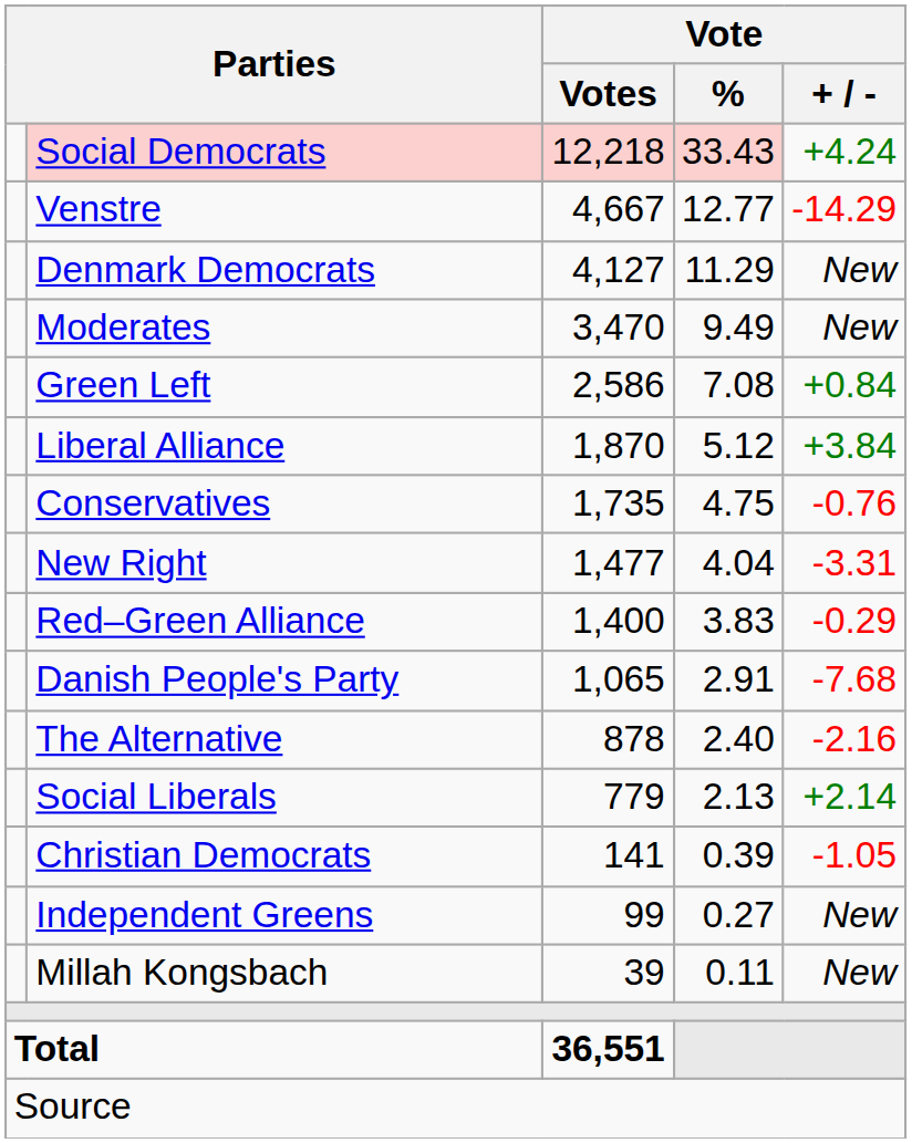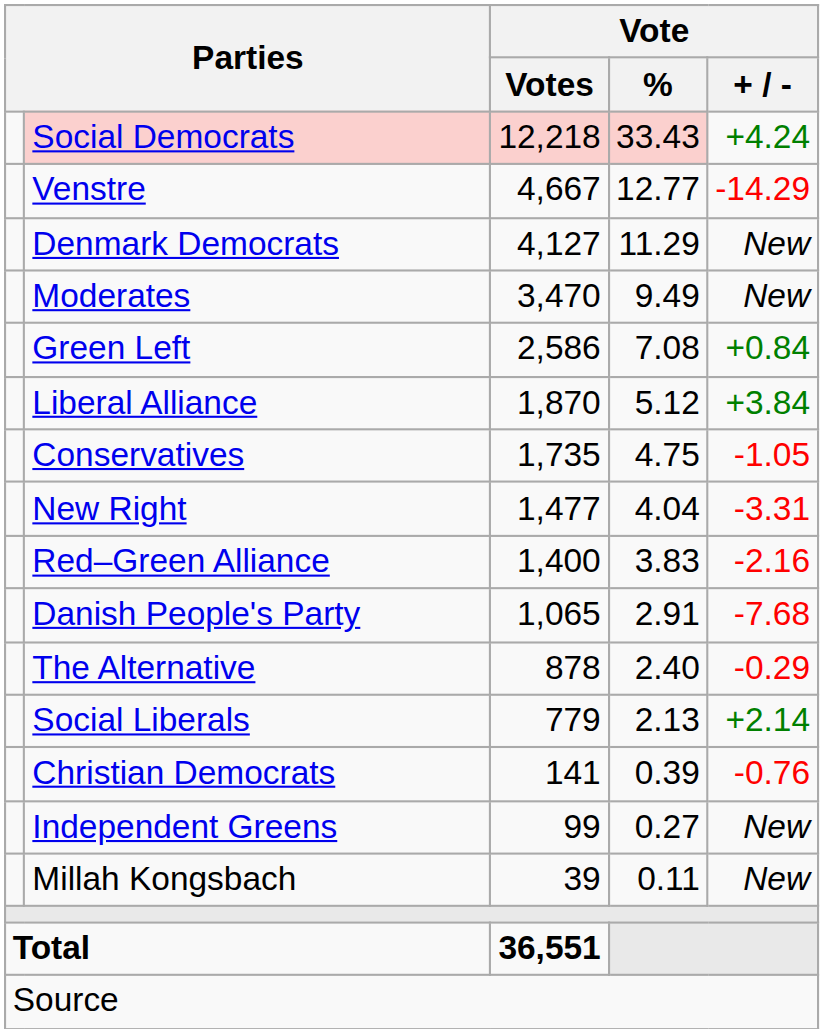 <table class="wikitable" style="text-align:right;">
 <tr>
 <th style="text-align:centre;" rowspan="2" colspan="2" width="225">Parties</th>
 <th colspan="3">Vote</th>
 </tr>
 <tr>
 <th width="15">Votes</th>
 <th width="15">%</th>
 <th width="15">+ / -</th>
 </tr>
 <tr>
 <td width="2" style="color:inherit;background:"></td>
 <td bgcolor=#fbd0ce  align="left"><a href='#'>Social Democrats</a></td>
 <td bgcolor=#fbd0ce>12,218</td>
 <td bgcolor=#fbd0ce>33.43</td>
 <td style=color:green;>+4.24</td>
 </tr>
 <tr>
 <td width="2" style="color:inherit;background:"></td>
 <td align="left"><a href='#'>Venstre</a></td>
 <td>4,667</td>
 <td>12.77</td>
 <td style=color:red;>-14.29</td>
 </tr>
 <tr>
 <td width="2" style="color:inherit;background:"></td>
 <td align="left"><a href='#'>Denmark Democrats</a></td>
 <td>4,127</td>
 <td>11.29</td>
 <td><em>New</em></td>
 </tr>
 <tr>
 <td width="2" style="color:inherit;background:"></td>
 <td align="left"><a href='#'>Moderates</a></td>
 <td>3,470</td>
 <td>9.49</td>
 <td><em>New</em></td>
 </tr>
 <tr>
 <td width="2" style="color:inherit;background:"></td>
 <td align="left"><a href='#'>Green Left</a></td>
 <td>2,586</td>
 <td>7.08</td>
 <td style=color:green;>+0.84</td>
 </tr>
 <tr>
 <td width="2" style="color:inherit;background:"></td>
 <td align="left"><a href='#'>Liberal Alliance</a></td>
 <td>1,870</td>
 <td>5.12</td>
 <td style=color:green;>+3.84</td>
 </tr>
 <tr>
 <td width="2" style="color:inherit;background:"></td>
 <td align="left"><a href='#'>Conservatives</a></td>
 <td>1,735</td>
 <td>4.75</td>
-<td style=color:red;>-0.76</td>
+<td style=color:red;>-1.05</td>
 </tr>
 <tr>
 <td width="2" style="color:inherit;background:"></td>
 <td align="left"><a href='#'>New Right</a></td>
 <td>1,477</td>
 <td>4.04</td>
 <td style=color:red;>-3.31</td>
 </tr>
 <tr>
 <td width="2" style="color:inherit;background:"></td>
 <td align="left"><a href='#'>Red–Green Alliance</a></td>
 <td>1,400</td>
 <td>3.83</td>
-<td style=color:red;>-0.29</td>
+<td style=color:red;>-2.16</td>
 </tr>
 <tr>
 <td width="2" style="color:inherit;background:"></td>
 <td align="left"><a href='#'>Danish People's Party</a></td>
 <td>1,065</td>
 <td>2.91</td>
 <td style=color:red;>-7.68</td>
 </tr>
 <tr>
 <td width="2" style="color:inherit;background:"></td>
 <td align="left"><a href='#'>The Alternative</a></td>
 <td>878</td>
 <td>2.40</td>
-<td style=color:red;>-2.16</td>
+<td style=color:red;>-0.29</td>
 </tr>
 <tr>
 <td width="2" style="color:inherit;background:"></td>
 <td align="left"><a href='#'>Social Liberals</a></td>
 <td>779</td>
 <td>2.13</td>
 <td style=color:green;>+2.14</td>
 </tr>
 <tr>
 <td width="2" style="color:inherit;background:"></td>
 <td align="left"><a href='#'>Christian Democrats</a></td>
 <td>141</td>
 <td>0.39</td>
-<td style=color:red;>-1.05</td>
+<td style=color:red;>-0.76</td>
 </tr>
 <tr>
 <td width="2" style="color:inherit;background:"></td>
 <td align="left"><a href='#'>Independent Greens</a></td>
 <td>99</td>
 <td>0.27</td>
 <td><em>New</em></td>
 </tr>
 <tr>
 <td width="2" style="color:inherit;background:"></td>
 <td align="left">Millah Kongsbach</td>
 <td>39</td>
 <td>0.11</td>
 <td><em>New</em></td>
 </tr>
 <tr>
 <td colspan="7" bgcolor="#E9E9E9"></td>
 </tr>
 <tr>
 <td align="left" colspan="2"><strong>Total</strong></td>
 <td><strong>36,551</strong></td>
 <td bgcolor="#E9E9E9" colspan="2"></td>
 </tr>
 <tr>
 <td align="left" colspan="6">Source</td>
 </tr>
 </table>
